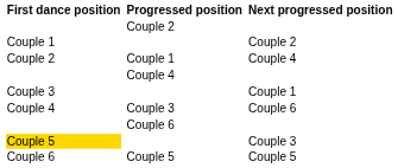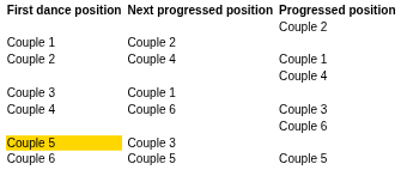 <table style="margin:1em auto;">
 <tr>
 <td><strong>First dance position</strong></td>
 <td></td>
+<td><strong>Next progressed position</strong></td>
+<td></td>
 <td><strong>Progressed position</strong></td>
-<td></td>
-<td><strong>Next progressed position</strong></td>
 </tr>
 <tr>
 <td></td>
+<td></td>
+<td></td>
+<td></td>
+<td>Couple 2</td>
+</tr>
+<tr>
+<td>Couple 1</td>
 <td></td>
 <td>Couple 2</td>
 <td></td>
 <td></td>
 </tr>
 <tr>
+<td>Couple 2</td>
+<td></td>
+<td>Couple 4</td>
+<td></td>
 <td>Couple 1</td>
+</tr>
+<tr>
 <td></td>
 <td></td>
 <td></td>
-<td>Couple 2</td>
-</tr>
-<tr>
-<td>Couple 2</td>
-<td></td>
-<td>Couple 1</td>
 <td></td>
 <td>Couple 4</td>
 </tr>
 <tr>
+<td>Couple 3</td>
 <td></td>
-<td></td>
-<td>Couple 4</td>
+<td>Couple 1</td>
 <td></td>
 <td></td>
 </tr>
 <tr>
+<td>Couple 4</td>
+<td></td>
+<td>Couple 6</td>
+<td></td>
 <td>Couple 3</td>
+</tr>
+<tr>
 <td></td>
 <td></td>
 <td></td>
-<td>Couple 1</td>
-</tr>
-<tr>
-<td>Couple 4</td>
-<td></td>
-<td>Couple 3</td>
 <td></td>
 <td>Couple 6</td>
 </tr>
 <tr>
+<td style="background: gold;">Couple 5</td>
+<td></td>
+<td>Couple 3</td>
 <td></td>
 <td></td>
-<td>Couple 6</td>
-<td></td>
-<td></td>
-</tr>
-<tr>
-<td style="background: gold;">Couple 5</td>
-<td></td>
-<td></td>
-<td></td>
-<td>Couple 3</td>
 </tr>
 <tr>
 <td>Couple 6</td>
 <td></td>
 <td>Couple 5</td>
 <td></td>
 <td>Couple 5</td>
 </tr>
 </table>
